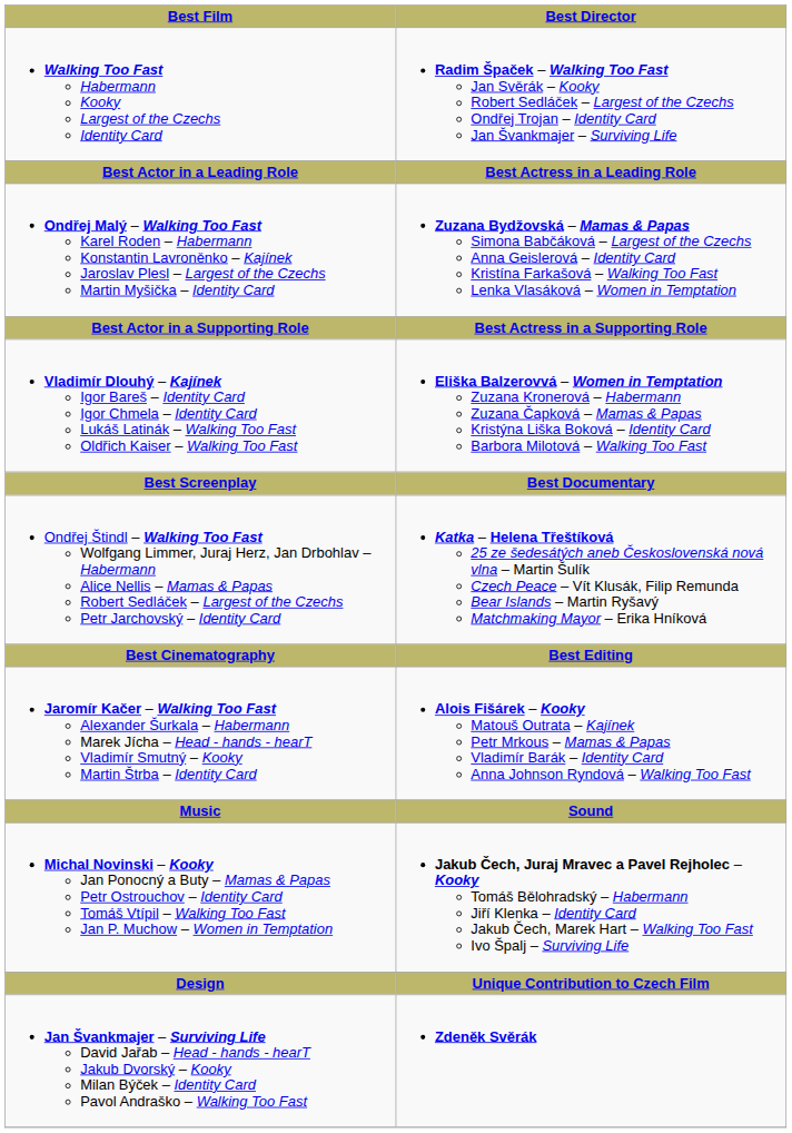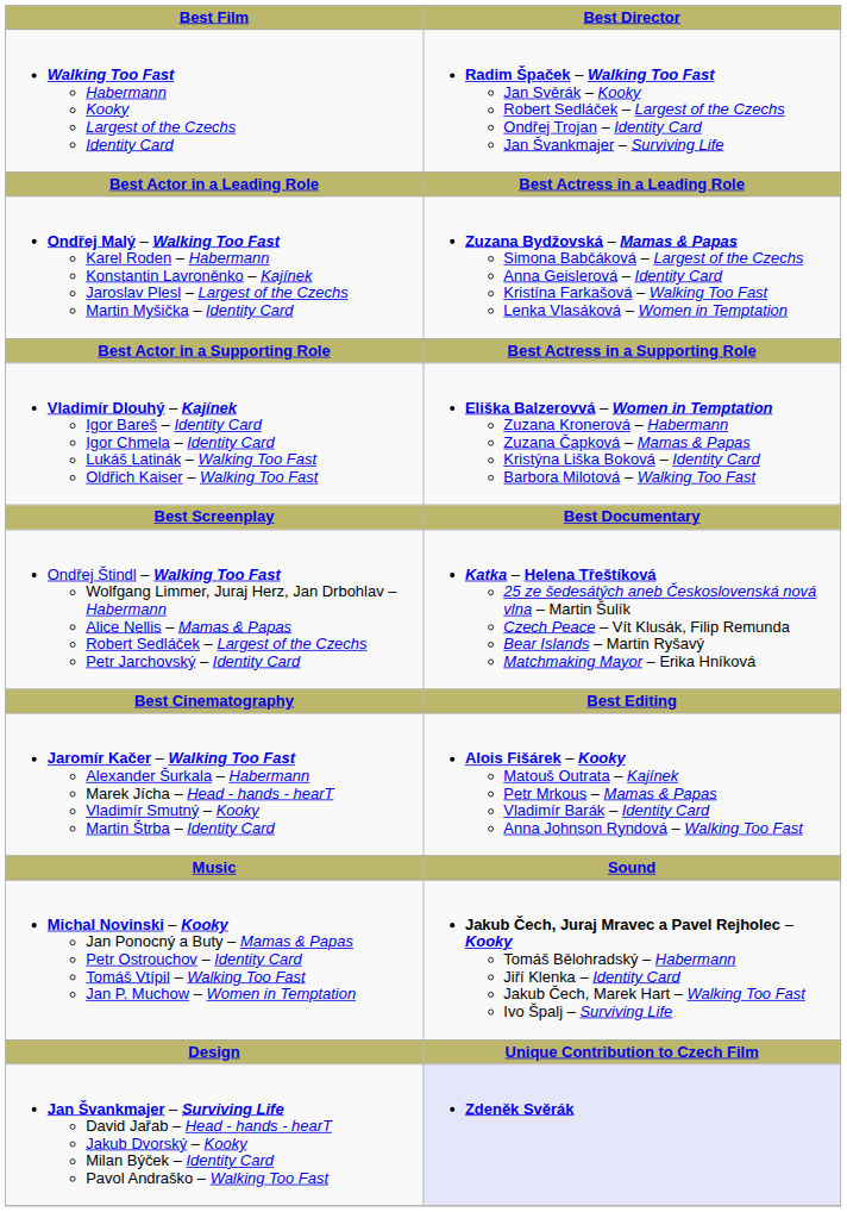 <table class=wikitable>
 <tr>
 <th style="background:#BDB76B; width: 50%"><a href='#'>Best Film</a></th>
 <th style="background:#BDB76B; width: 50%"><a href='#'>Best Director</a></th>
 </tr>
 <tr>
 <td valign="top"><br><ul><li><strong><em><a href='#'>Walking Too Fast</a></em></strong><ul><li><em><a href='#'>Habermann</a></em></li><li><em><a href='#'>Kooky</a></em></li><li><em><a href='#'>Largest of the Czechs</a></em></li><li><em><a href='#'>Identity Card</a></em></li></ul></li></ul></td>
 <td valign="top"><br><ul><li><strong><a href='#'>Radim Špaček</a></strong> – <strong><em><a href='#'>Walking Too Fast</a></em></strong><ul><li><a href='#'>Jan Svěrák</a> – <em><a href='#'>Kooky</a></em></li><li><a href='#'>Robert Sedláček</a> – <em><a href='#'>Largest of the Czechs</a></em></li><li><a href='#'>Ondřej Trojan</a> – <em><a href='#'>Identity Card</a></em></li><li><a href='#'>Jan Švankmajer</a> – <em><a href='#'>Surviving Life</a></em></li></ul></li></ul></td>
 </tr>
 <tr>
 <th style="background:#BDB76B;"><a href='#'>Best Actor in a Leading Role</a></th>
 <th style="background:#BDB76B;"><a href='#'>Best Actress in a Leading Role</a></th>
 </tr>
 <tr>
 <td valign="top"><br><ul><li><strong><a href='#'>Ondřej Malý</a></strong> – <strong><em><a href='#'>Walking Too Fast</a></em></strong><ul><li><a href='#'>Karel Roden</a> – <em><a href='#'>Habermann</a></em></li><li><a href='#'>Konstantin Lavroněnko</a> – <em><a href='#'>Kajínek</a></em></li><li><a href='#'>Jaroslav Plesl</a> – <em><a href='#'>Largest of the Czechs</a></em></li><li><a href='#'>Martin Myšička</a> – <em><a href='#'>Identity Card</a></em></li></ul></li></ul></td>
 <td valign="top"><br><ul><li><strong><a href='#'>Zuzana Bydžovská</a></strong> – <strong><em><a href='#'>Mamas & Papas</a></em></strong><ul><li><a href='#'>Simona Babčáková</a> – <em><a href='#'>Largest of the Czechs</a></em></li><li><a href='#'>Anna Geislerová</a> – <em><a href='#'>Identity Card</a></em></li><li><a href='#'>Kristína Farkašová</a> – <em><a href='#'>Walking Too Fast</a></em></li><li><a href='#'>Lenka Vlasáková</a> – <em><a href='#'>Women in Temptation</a></em></li></ul></li></ul></td>
 </tr>
 <tr>
 <th style="background:#BDB76B;"><a href='#'>Best Actor in a Supporting Role</a></th>
 <th style="background:#BDB76B;"><a href='#'>Best Actress in a Supporting Role</a></th>
 </tr>
 <tr>
 <td valign="top"><br><ul><li><strong><a href='#'>Vladimír Dlouhý</a></strong> – <strong><em><a href='#'>Kajínek</a></em></strong><ul><li><a href='#'>Igor Bareš</a> – <em><a href='#'>Identity Card</a></em></li><li><a href='#'>Igor Chmela</a> – <em><a href='#'>Identity Card</a></em></li><li><a href='#'>Lukáš Latinák</a> – <em><a href='#'>Walking Too Fast</a></em></li><li><a href='#'>Oldřich Kaiser</a> – <em><a href='#'>Walking Too Fast</a></em></li></ul></li></ul></td>
 <td valign="top"><br><ul><li><strong><a href='#'>Eliška Balzerovvá</a></strong> – <strong><em><a href='#'>Women in Temptation</a></em></strong><ul><li><a href='#'>Zuzana Kronerová</a> – <em><a href='#'>Habermann</a></em></li><li><a href='#'>Zuzana Čapková</a> – <em><a href='#'>Mamas & Papas</a></em></li><li><a href='#'>Kristýna Liška Boková</a> – <em><a href='#'>Identity Card</a></em></li><li><a href='#'>Barbora Milotová</a> – <em><a href='#'>Walking Too Fast</a></em></li></ul></li></ul></td>
 </tr>
 <tr>
 <th style="background:#BDB76B;"><a href='#'>Best Screenplay</a></th>
 <th style="background:#BDB76B;"><a href='#'>Best Documentary</a></th>
 </tr>
 <tr>
 <td valign="top"><br><ul><li><a href='#'>Ondřej Štindl</a> – <strong><em><a href='#'>Walking Too Fast</a></em></strong><ul><li>Wolfgang Limmer, Juraj Herz, Jan Drbohlav – <em><a href='#'>Habermann</a></em></li><li><a href='#'>Alice Nellis</a> – <em><a href='#'>Mamas & Papas</a></em></li><li><a href='#'>Robert Sedláček</a> – <em><a href='#'>Largest of the Czechs</a></em></li><li><a href='#'>Petr Jarchovský</a> – <em><a href='#'>Identity Card</a></em></li></ul></li></ul></td>
 <td valign="top"><br><ul><li><strong><em><a href='#'>Katka</a></em></strong> – <strong><a href='#'>Helena Třeštíková</a></strong><ul><li><em><a href='#'>25 ze šedesátých aneb Československá nová vlna</a></em> – Martin Šulík</li><li><em><a href='#'>Czech Peace</a></em> – Vít Klusák, Filip Remunda</li><li><em><a href='#'>Bear Islands</a></em> – Martin Ryšavý</li><li><em><a href='#'>Matchmaking Mayor</a></em> – Erika Hníková</li></ul></li></ul></td>
 </tr>
 <tr>
 <th style="background:#BDB76B;"><a href='#'>Best Cinematography</a></th>
 <th style="background:#BDB76B;"><a href='#'>Best Editing</a></th>
 </tr>
 <tr>
 <td valign="top"><br><ul><li><strong><a href='#'>Jaromír Kačer</a></strong> – <strong><em><a href='#'>Walking Too Fast</a></em></strong><ul><li><a href='#'>Alexander Šurkala</a> – <em><a href='#'>Habermann</a></em></li><li>Marek Jícha – <em><a href='#'>Head - hands - hearT</a></em></li><li><a href='#'>Vladimír Smutný</a> – <em><a href='#'>Kooky</a></em></li><li><a href='#'>Martin Štrba</a> – <em><a href='#'>Identity Card</a></em></li></ul></li></ul></td>
 <td valign="top"><br><ul><li><strong><a href='#'>Alois Fišárek</a></strong> – <strong><em><a href='#'>Kooky</a></em></strong><ul><li><a href='#'>Matouš Outrata</a> – <em><a href='#'>Kajínek</a></em></li><li><a href='#'>Petr Mrkous</a> – <em><a href='#'>Mamas & Papas</a></em></li><li><a href='#'>Vladimír Barák</a> – <em><a href='#'>Identity Card</a></em></li><li><a href='#'>Anna Johnson Ryndová</a> – <em><a href='#'>Walking Too Fast</a></em></li></ul></li></ul></td>
 </tr>
 <tr>
 <th style="background:#BDB76B;"><a href='#'>Music</a></th>
 <th style="background:#BDB76B;"><a href='#'>Sound</a></th>
 </tr>
 <tr>
 <td valign="top"><br><ul><li><strong><a href='#'>Michal Novinski</a></strong> – <strong><em><a href='#'>Kooky</a></em></strong><ul><li>Jan Ponocný a Buty – <em><a href='#'>Mamas & Papas</a></em></li><li><a href='#'>Petr Ostrouchov</a> – <em><a href='#'>Identity Card</a></em></li><li><a href='#'>Tomáš Vtípil</a> – <em><a href='#'>Walking Too Fast</a></em></li><li><a href='#'>Jan P. Muchow</a> – <em><a href='#'>Women in Temptation</a></em></li></ul></li></ul></td>
 <td valign="top"><br><ul><li><strong>Jakub Čech, Juraj Mravec a Pavel Rejholec</strong> – <strong><em><a href='#'>Kooky</a></em></strong><ul><li>Tomáš Bělohradský – <em><a href='#'>Habermann</a></em></li><li>Jiří Klenka – <em><a href='#'>Identity Card</a></em></li><li>Jakub Čech, Marek Hart – <em><a href='#'>Walking Too Fast</a></em></li><li>Ivo Špalj – <em><a href='#'>Surviving Life</a></em></li></ul></li></ul></td>
 </tr>
 <tr>
 <th style="background:#BDB76B;"><a href='#'>Design</a></th>
 <th style="background:#BDB76B;"><a href='#'>Unique Contribution to Czech Film</a></th>
 </tr>
 <tr>
 <td valign="top"><br><ul><li><strong><a href='#'>Jan Švankmajer</a></strong> – <strong><em><a href='#'>Surviving Life</a></em></strong><ul><li>David Jařab – <em><a href='#'>Head - hands - hearT</a></em></li><li><a href='#'>Jakub Dvorský</a> – <em><a href='#'>Kooky</a></em></li><li>Milan Býček – <em><a href='#'>Identity Card</a></em></li><li>Pavol Andraško – <em><a href='#'>Walking Too Fast</a></em></li></ul></li></ul></td>
-<td valign="top"><br><ul><li><strong><a href='#'>Zdeněk Svěrák</a></strong></li></ul></td>
+<td valign="top" style="background: lavender;"><br><ul><li><strong><a href='#'>Zdeněk Svěrák</a></strong></li></ul></td>
 </tr>
 <tr>
 </tr>
 </table>
